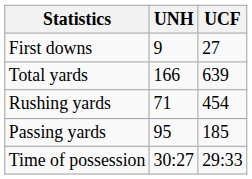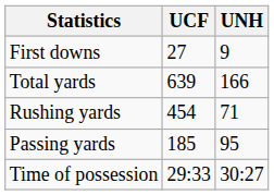 <table class="wikitable" style="float: right;">
 <tr>
 <th>Statistics</th>
+<th>UCF</th>
 <th>UNH</th>
-<th>UCF</th>
 </tr>
 <tr>
 <td>First downs</td>
+<td>27</td>
 <td>9</td>
-<td>27</td>
 </tr>
 <tr>
 <td>Total yards</td>
+<td>639</td>
 <td>166</td>
-<td>639</td>
 </tr>
 <tr>
 <td>Rushing yards</td>
+<td>454</td>
 <td>71</td>
-<td>454</td>
 </tr>
 <tr>
 <td>Passing yards</td>
+<td>185</td>
 <td>95</td>
-<td>185</td>
 </tr>
 <tr>
 <td>Time of possession</td>
+<td>29:33</td>
 <td>30:27</td>
-<td>29:33</td>
 </tr>
 </table>
